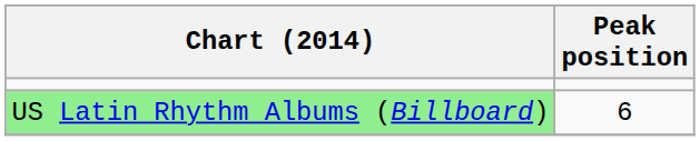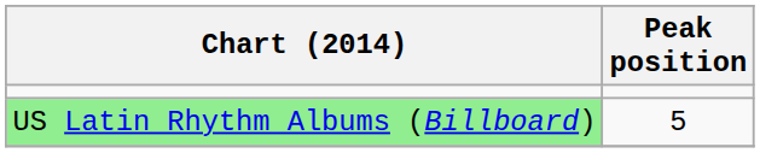 <table class="wikitable sortable plainrowheaders">
 <tr>
 <th>Chart (2014)</th>
 <th>Peak<br>position</th>
 </tr>
 <tr>
 <td></td>
 </tr>
 <tr>
 <td style="background: lightgreen;">US <a href='#'>Latin Rhythm Albums</a> (<em><a href='#'>Billboard</a></em>)</td>
-<td style="text-align:center;">6</td>
+<td style="text-align:center;">5</td>
 </tr>
 <tr>
 </tr>
 </table>
